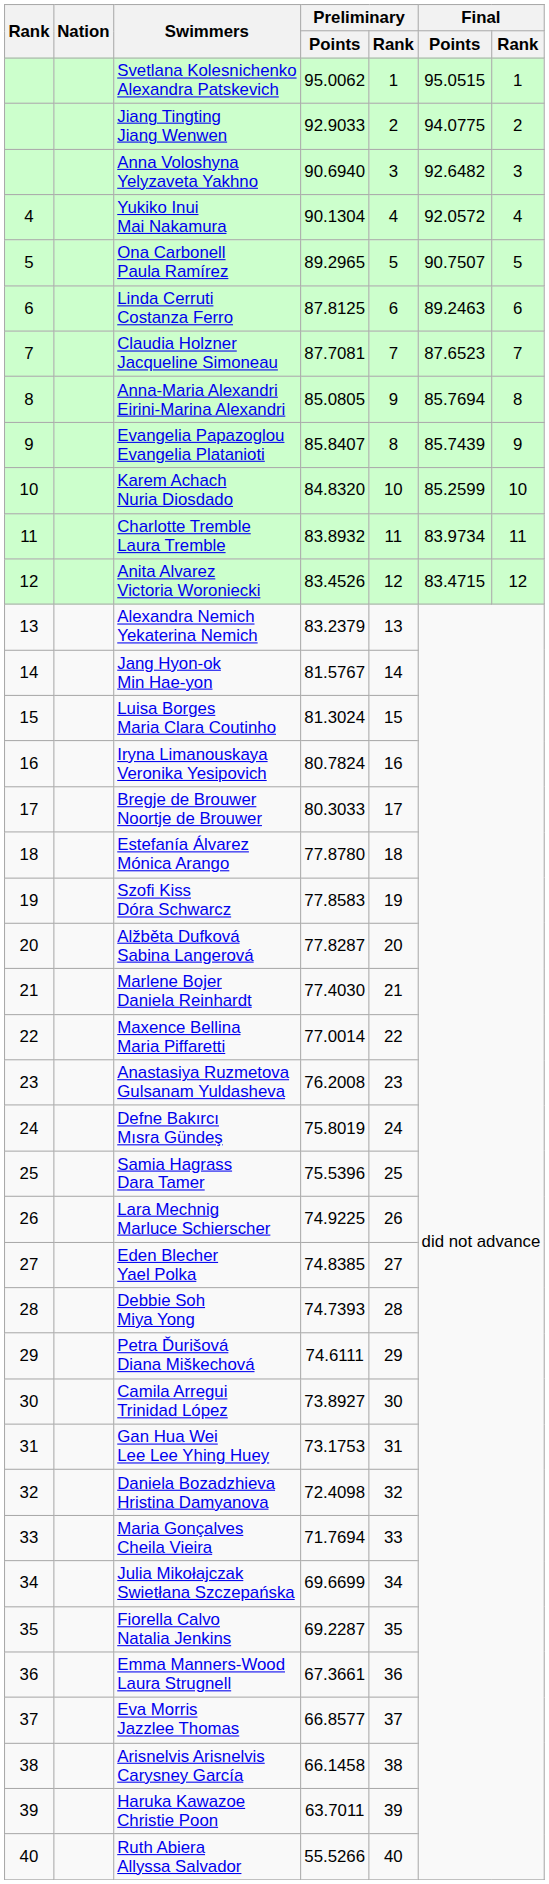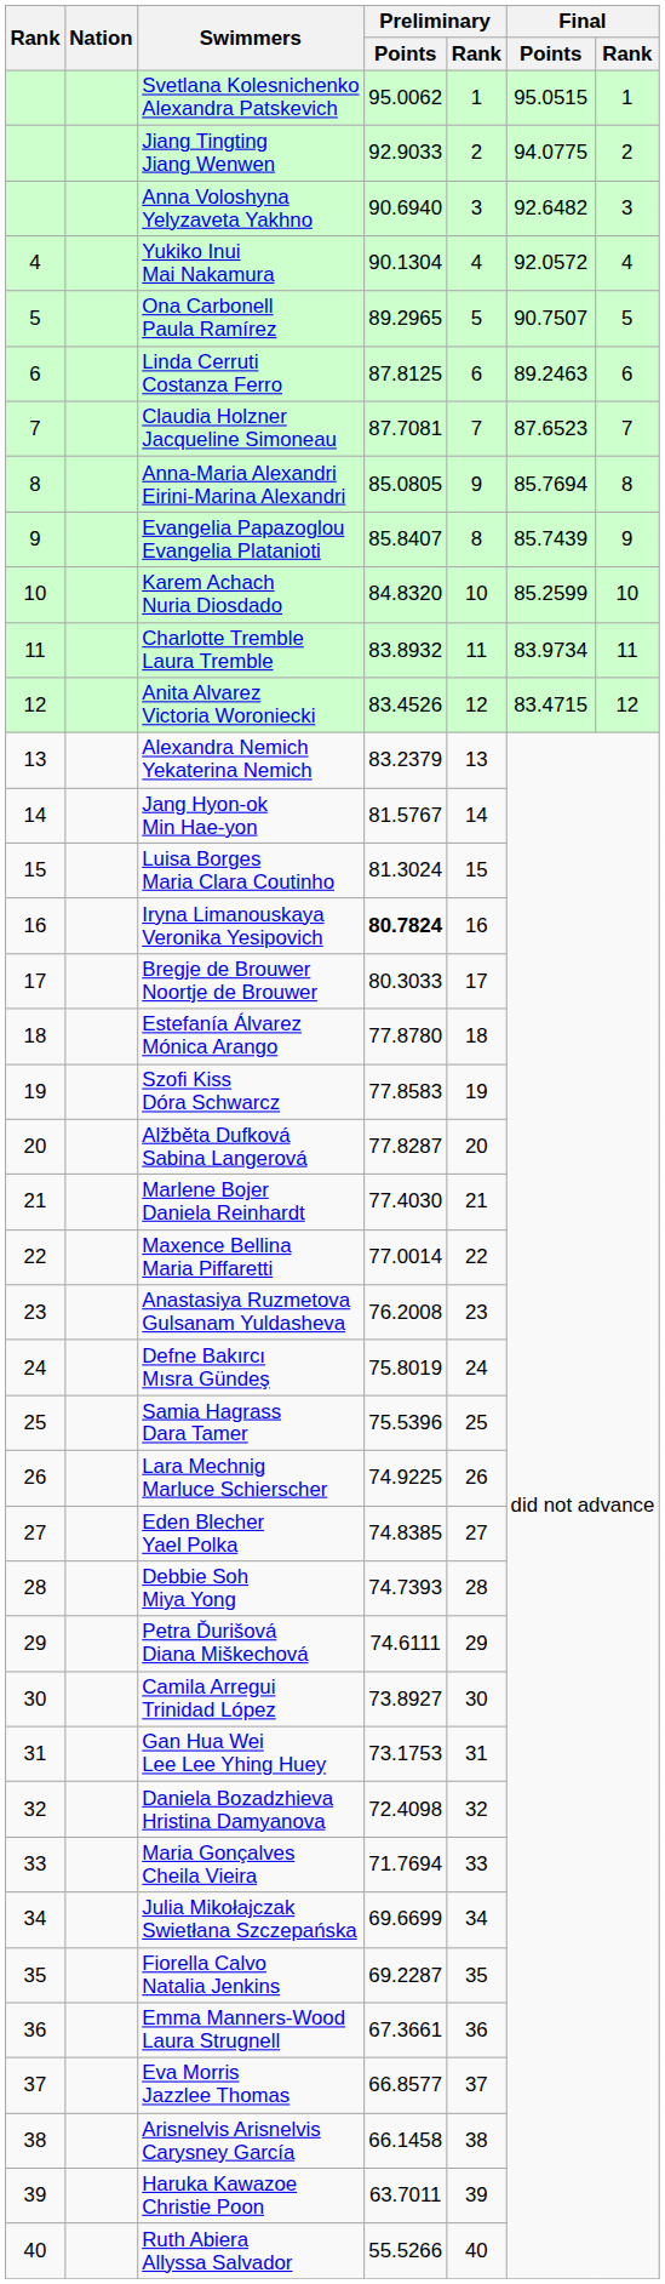 <table class="wikitable sortable" style="text-align:center">
 <tr>
 <th rowspan=2>Rank</th>
 <th rowspan=2>Nation</th>
 <th rowspan=2>Swimmers</th>
 <th colspan=2>Preliminary</th>
 <th colspan=2>Final</th>
 </tr>
 <tr>
 <th>Points</th>
 <th>Rank</th>
 <th>Points</th>
 <th>Rank</th>
 </tr>
 <tr bgcolor=ccffcc>
 <td></td>
 <td align=left></td>
 <td align=left><a href='#'>Svetlana Kolesnichenko</a><br><a href='#'>Alexandra Patskevich</a></td>
 <td>95.0062</td>
 <td>1</td>
 <td>95.0515</td>
 <td>1</td>
 </tr>
 <tr bgcolor=ccffcc>
 <td></td>
 <td align=left></td>
 <td align=left><a href='#'>Jiang Tingting</a><br><a href='#'>Jiang Wenwen</a></td>
 <td>92.9033</td>
 <td>2</td>
 <td>94.0775</td>
 <td>2</td>
 </tr>
 <tr bgcolor=ccffcc>
 <td></td>
 <td align=left></td>
 <td align=left><a href='#'>Anna Voloshyna</a><br><a href='#'>Yelyzaveta Yakhno</a></td>
 <td>90.6940</td>
 <td>3</td>
 <td>92.6482</td>
 <td>3</td>
 </tr>
 <tr bgcolor=ccffcc>
 <td>4</td>
 <td align=left></td>
 <td align=left><a href='#'>Yukiko Inui</a><br><a href='#'>Mai Nakamura</a></td>
 <td>90.1304</td>
 <td>4</td>
 <td>92.0572</td>
 <td>4</td>
 </tr>
 <tr bgcolor=ccffcc>
 <td>5</td>
 <td align=left></td>
 <td align=left><a href='#'>Ona Carbonell</a><br><a href='#'>Paula Ramírez</a></td>
 <td>89.2965</td>
 <td>5</td>
 <td>90.7507</td>
 <td>5</td>
 </tr>
 <tr bgcolor=ccffcc>
 <td>6</td>
 <td align=left></td>
 <td align=left><a href='#'>Linda Cerruti</a><br><a href='#'>Costanza Ferro</a></td>
 <td>87.8125</td>
 <td>6</td>
 <td>89.2463</td>
 <td>6</td>
 </tr>
 <tr bgcolor=ccffcc>
 <td>7</td>
 <td align=left></td>
 <td align=left><a href='#'>Claudia Holzner</a><br><a href='#'>Jacqueline Simoneau</a></td>
 <td>87.7081</td>
 <td>7</td>
 <td>87.6523</td>
 <td>7</td>
 </tr>
 <tr bgcolor=ccffcc>
 <td>8</td>
 <td align=left></td>
 <td align=left><a href='#'>Anna-Maria Alexandri</a><br><a href='#'>Eirini-Marina Alexandri</a></td>
 <td>85.0805</td>
 <td>9</td>
 <td>85.7694</td>
 <td>8</td>
 </tr>
 <tr bgcolor=ccffcc>
 <td>9</td>
 <td align=left></td>
 <td align=left><a href='#'>Evangelia Papazoglou</a><br><a href='#'>Evangelia Platanioti</a></td>
 <td>85.8407</td>
 <td>8</td>
 <td>85.7439</td>
 <td>9</td>
 </tr>
 <tr bgcolor=ccffcc>
 <td>10</td>
 <td align=left></td>
 <td align=left><a href='#'>Karem Achach</a><br><a href='#'>Nuria Diosdado</a></td>
 <td>84.8320</td>
 <td>10</td>
 <td>85.2599</td>
 <td>10</td>
 </tr>
 <tr bgcolor=ccffcc>
 <td>11</td>
 <td align=left></td>
 <td align=left><a href='#'>Charlotte Tremble</a><br><a href='#'>Laura Tremble</a></td>
 <td>83.8932</td>
 <td>11</td>
 <td>83.9734</td>
 <td>11</td>
 </tr>
 <tr bgcolor=ccffcc>
 <td>12</td>
 <td align=left></td>
 <td align=left><a href='#'>Anita Alvarez</a><br><a href='#'>Victoria Woroniecki</a></td>
 <td>83.4526</td>
 <td>12</td>
 <td>83.4715</td>
 <td>12</td>
 </tr>
 <tr>
 <td>13</td>
 <td align=left></td>
 <td align=left><a href='#'>Alexandra Nemich</a><br><a href='#'>Yekaterina Nemich</a></td>
 <td>83.2379</td>
 <td>13</td>
 <td colspan=2 rowspan=28>did not advance</td>
 </tr>
 <tr>
 <td>14</td>
 <td align=left></td>
 <td align=left><a href='#'>Jang Hyon-ok</a><br><a href='#'>Min Hae-yon</a></td>
 <td>81.5767</td>
 <td>14</td>
 </tr>
 <tr>
 <td>15</td>
 <td align=left></td>
 <td align=left><a href='#'>Luisa Borges</a><br><a href='#'>Maria Clara Coutinho</a></td>
 <td>81.3024</td>
 <td>15</td>
 </tr>
 <tr>
 <td>16</td>
 <td align=left></td>
 <td align=left><a href='#'>Iryna Limanouskaya</a><br><a href='#'>Veronika Yesipovich</a></td>
-<td>80.7824</td>
+<td><strong>80.7824</strong></td>
 <td>16</td>
 </tr>
 <tr>
 <td>17</td>
 <td align=left></td>
 <td align=left><a href='#'>Bregje de Brouwer</a><br><a href='#'>Noortje de Brouwer</a></td>
 <td>80.3033</td>
 <td>17</td>
 </tr>
 <tr>
 <td>18</td>
 <td align=left></td>
 <td align=left><a href='#'>Estefanía Álvarez</a><br><a href='#'>Mónica Arango</a></td>
 <td>77.8780</td>
 <td>18</td>
 </tr>
 <tr>
 <td>19</td>
 <td align=left></td>
 <td align=left><a href='#'>Szofi Kiss</a><br><a href='#'>Dóra Schwarcz</a></td>
 <td>77.8583</td>
 <td>19</td>
 </tr>
 <tr>
 <td>20</td>
 <td align=left></td>
 <td align=left><a href='#'>Alžběta Dufková</a><br><a href='#'>Sabina Langerová</a></td>
 <td>77.8287</td>
 <td>20</td>
 </tr>
 <tr>
 <td>21</td>
 <td align=left></td>
 <td align=left><a href='#'>Marlene Bojer</a><br><a href='#'>Daniela Reinhardt</a></td>
 <td>77.4030</td>
 <td>21</td>
 </tr>
 <tr>
 <td>22</td>
 <td align=left></td>
 <td align=left><a href='#'>Maxence Bellina</a><br><a href='#'>Maria Piffaretti</a></td>
 <td>77.0014</td>
 <td>22</td>
 </tr>
 <tr>
 <td>23</td>
 <td align=left></td>
 <td align=left><a href='#'>Anastasiya Ruzmetova</a><br><a href='#'>Gulsanam Yuldasheva</a></td>
 <td>76.2008</td>
 <td>23</td>
 </tr>
 <tr>
 <td>24</td>
 <td align=left></td>
 <td align=left><a href='#'>Defne Bakırcı</a><br><a href='#'>Mısra Gündeş</a></td>
 <td>75.8019</td>
 <td>24</td>
 </tr>
 <tr>
 <td>25</td>
 <td align=left></td>
 <td align=left><a href='#'>Samia Hagrass</a><br><a href='#'>Dara Tamer</a></td>
 <td>75.5396</td>
 <td>25</td>
 </tr>
 <tr>
 <td>26</td>
 <td align=left></td>
 <td align=left><a href='#'>Lara Mechnig</a><br><a href='#'>Marluce Schierscher</a></td>
 <td>74.9225</td>
 <td>26</td>
 </tr>
 <tr>
 <td>27</td>
 <td align=left></td>
 <td align=left><a href='#'>Eden Blecher</a><br><a href='#'>Yael Polka</a></td>
 <td>74.8385</td>
 <td>27</td>
 </tr>
 <tr>
 <td>28</td>
 <td align=left></td>
 <td align=left><a href='#'>Debbie Soh</a><br><a href='#'>Miya Yong</a></td>
 <td>74.7393</td>
 <td>28</td>
 </tr>
 <tr>
 <td>29</td>
 <td align=left></td>
 <td align=left><a href='#'>Petra Ďurišová</a><br><a href='#'>Diana Miškechová</a></td>
 <td>74.6111</td>
 <td>29</td>
 </tr>
 <tr>
 <td>30</td>
 <td align=left></td>
 <td align=left><a href='#'>Camila Arregui</a><br><a href='#'>Trinidad López</a></td>
 <td>73.8927</td>
 <td>30</td>
 </tr>
 <tr>
 <td>31</td>
 <td align=left></td>
 <td align=left><a href='#'>Gan Hua Wei</a><br><a href='#'>Lee Lee Yhing Huey</a></td>
 <td>73.1753</td>
 <td>31</td>
 </tr>
 <tr>
 <td>32</td>
 <td align=left></td>
 <td align=left><a href='#'>Daniela Bozadzhieva</a><br><a href='#'>Hristina Damyanova</a></td>
 <td>72.4098</td>
 <td>32</td>
 </tr>
 <tr>
 <td>33</td>
 <td align=left></td>
 <td align=left><a href='#'>Maria Gonçalves</a><br><a href='#'>Cheila Vieira</a></td>
 <td>71.7694</td>
 <td>33</td>
 </tr>
 <tr>
 <td>34</td>
 <td align=left></td>
 <td align=left><a href='#'>Julia Mikołajczak</a><br><a href='#'>Swietłana Szczepańska</a></td>
 <td>69.6699</td>
 <td>34</td>
 </tr>
 <tr>
 <td>35</td>
 <td align=left></td>
 <td align=left><a href='#'>Fiorella Calvo</a><br><a href='#'>Natalia Jenkins</a></td>
 <td>69.2287</td>
 <td>35</td>
 </tr>
 <tr>
 <td>36</td>
 <td align=left></td>
 <td align=left><a href='#'>Emma Manners-Wood</a><br><a href='#'>Laura Strugnell</a></td>
 <td>67.3661</td>
 <td>36</td>
 </tr>
 <tr>
 <td>37</td>
 <td align=left></td>
 <td align=left><a href='#'>Eva Morris</a><br><a href='#'>Jazzlee Thomas</a></td>
 <td>66.8577</td>
 <td>37</td>
 </tr>
 <tr>
 <td>38</td>
 <td align=left></td>
 <td align=left><a href='#'>Arisnelvis Arisnelvis</a><br><a href='#'>Carysney García</a></td>
 <td>66.1458</td>
 <td>38</td>
 </tr>
 <tr>
 <td>39</td>
 <td align=left></td>
 <td align=left><a href='#'>Haruka Kawazoe</a><br><a href='#'>Christie Poon</a></td>
 <td>63.7011</td>
 <td>39</td>
 </tr>
 <tr>
 <td>40</td>
 <td align=left></td>
 <td align=left><a href='#'>Ruth Abiera</a><br><a href='#'>Allyssa Salvador</a></td>
 <td>55.5266</td>
 <td>40</td>
 </tr>
 </table>
